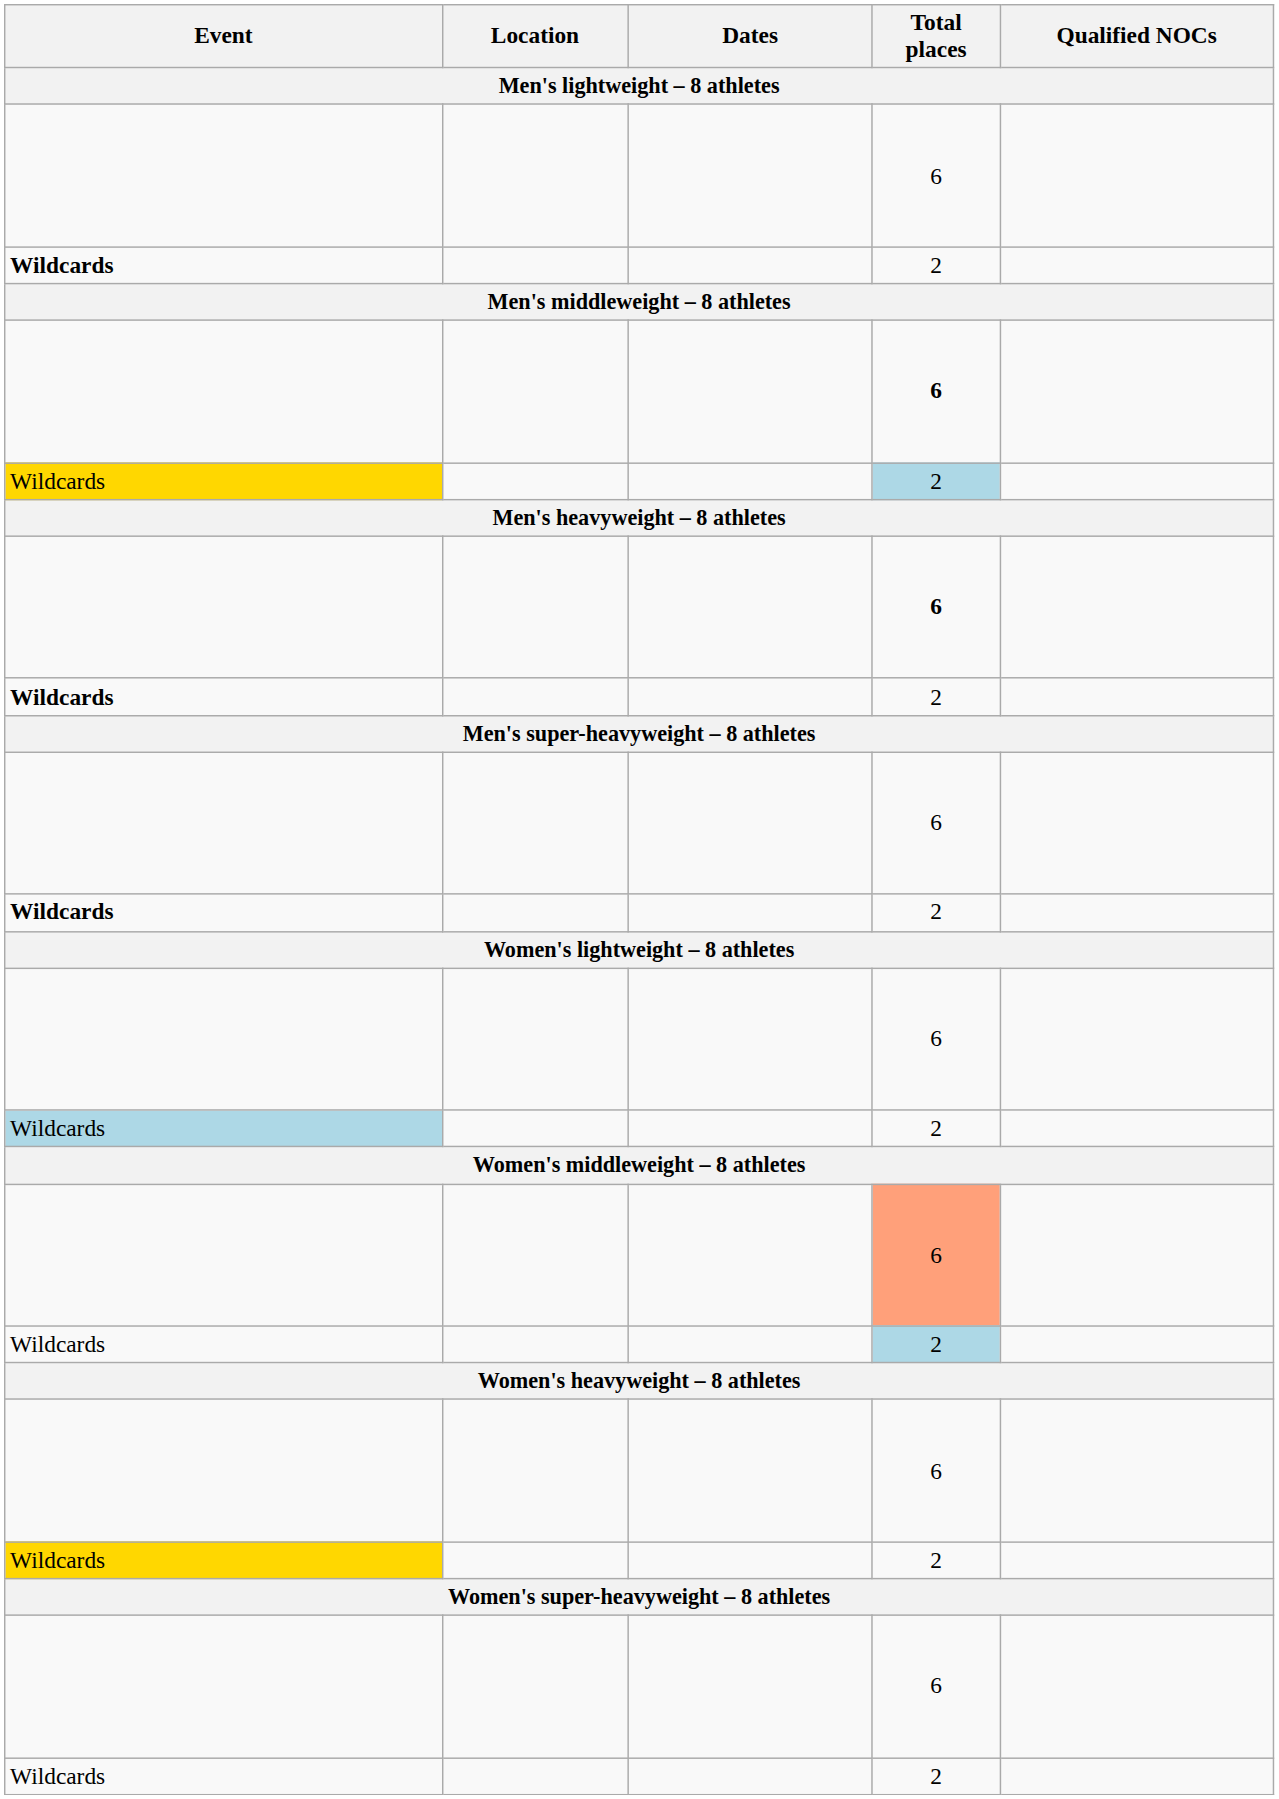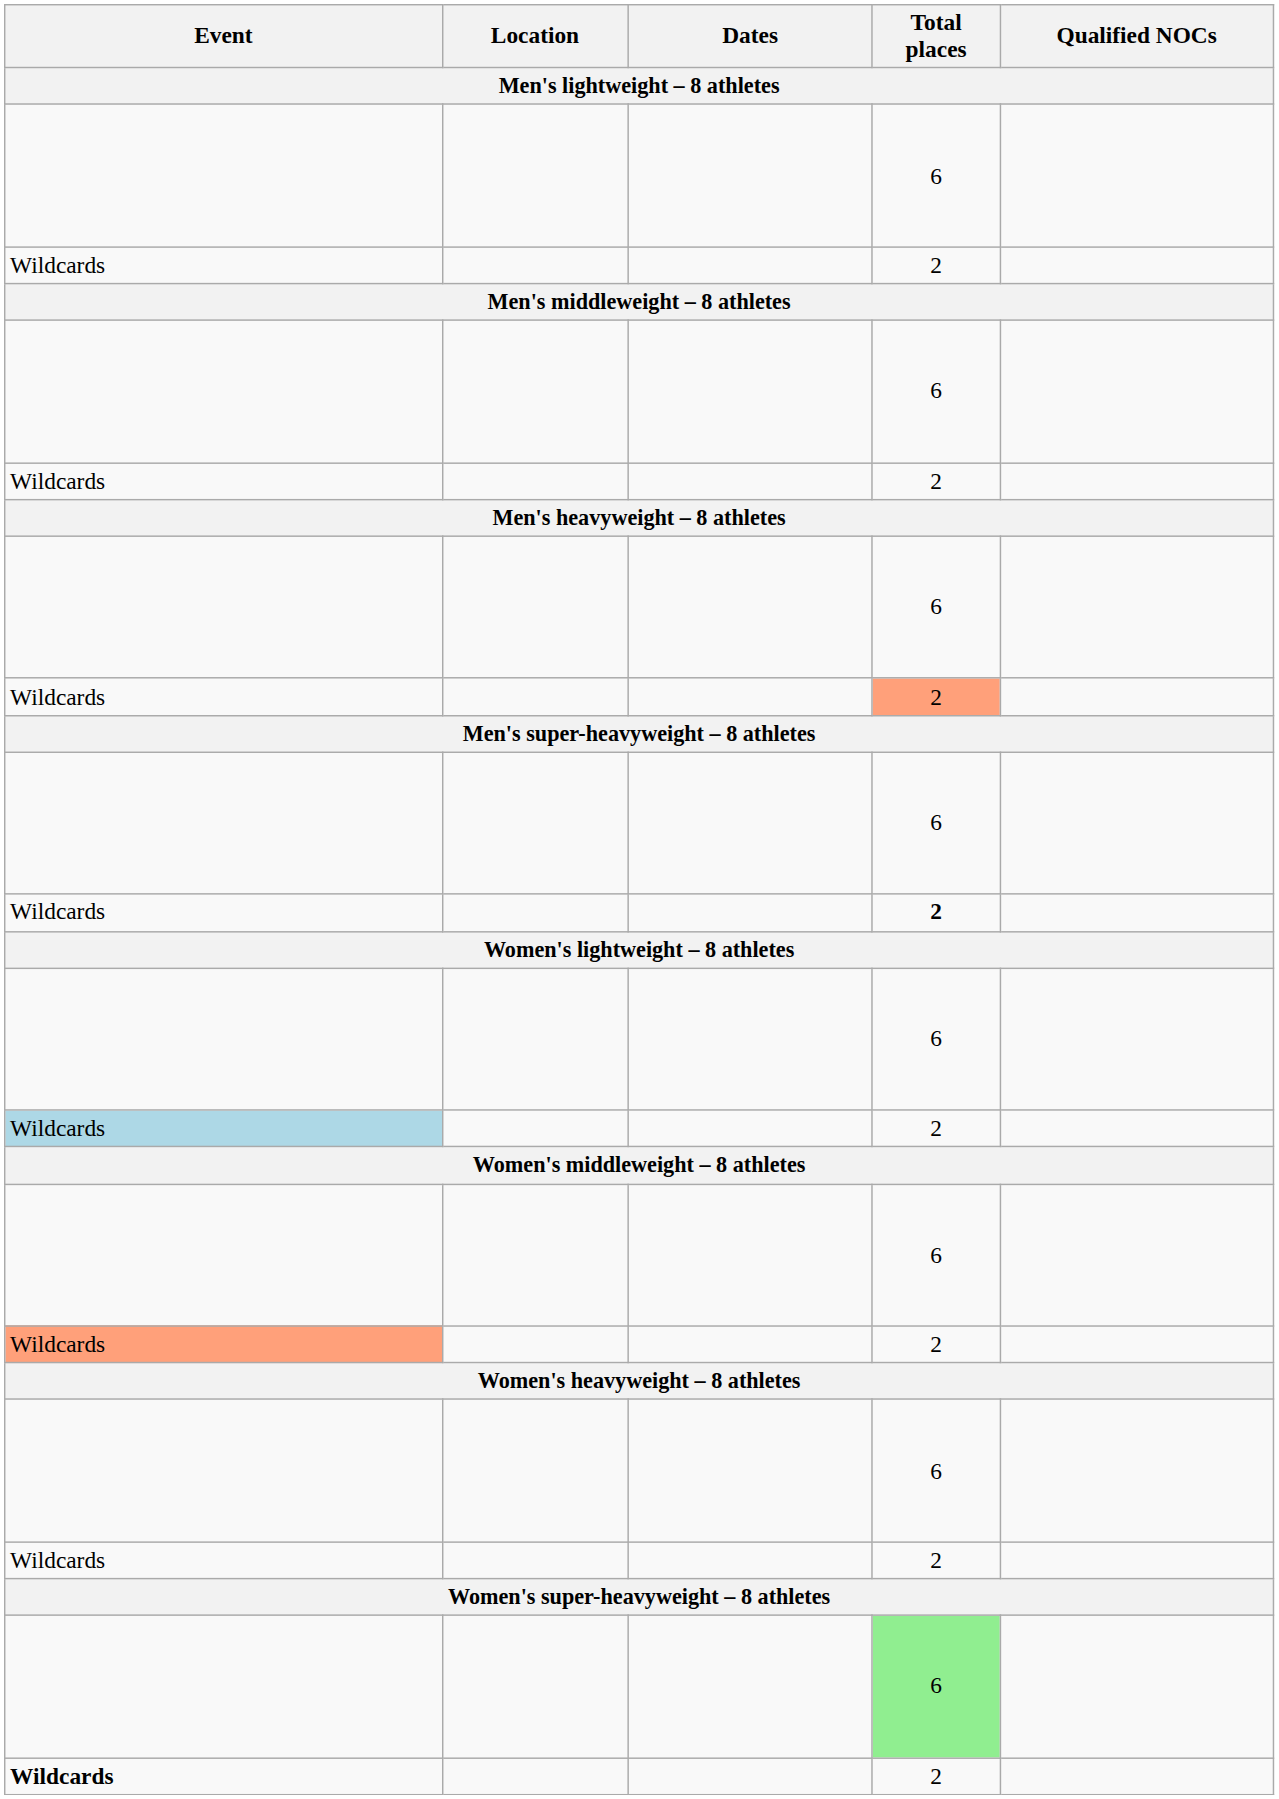 <table class="wikitable" width=870>
 <tr>
 <th>Event</th>
 <th width=120>Location</th>
 <th width=160>Dates</th>
 <th width=80>Total places</th>
 <th width=180>Qualified NOCs</th>
 </tr>
 <tr style="font-size:95%;">
 <th colspan=5>Men's lightweight – 8 athletes</th>
 </tr>
 <tr>
 <td></td>
 <td></td>
 <td align="center"></td>
 <td align="center">6</td>
 <td><br><br><br><br><br></td>
 </tr>
 <tr>
-<td><strong>Wildcards</strong></td>
+<td>Wildcards</td>
 <td></td>
 <td></td>
 <td align="center">2</td>
 <td><br></td>
 </tr>
 <tr style="font-size:95%;">
 <th colspan=5>Men's middleweight – 8 athletes</th>
 </tr>
 <tr>
 <td></td>
 <td></td>
 <td align="center"></td>
-<td align="center"><strong>6</strong></td>
+<td align="center">6</td>
 <td><br><br><br><br><br></td>
 </tr>
 <tr>
-<td style="background: gold;">Wildcards</td>
+<td>Wildcards</td>
 <td></td>
 <td></td>
-<td align="center" style="background: lightblue;">2</td>
+<td align="center">2</td>
 <td><br></td>
 </tr>
 <tr style="font-size:95%;">
 <th colspan=5>Men's heavyweight – 8 athletes</th>
 </tr>
 <tr>
 <td></td>
 <td></td>
 <td align="center"></td>
-<td align="center"><strong>6</strong></td>
+<td align="center">6</td>
 <td><br><br><br><br><br></td>
 </tr>
 <tr>
-<td><strong>Wildcards</strong></td>
+<td>Wildcards</td>
 <td></td>
 <td></td>
-<td align="center">2</td>
+<td align="center" style="background: lightsalmon;">2</td>
 <td><br></td>
 </tr>
 <tr style="font-size:95%;">
 <th colspan=5>Men's super-heavyweight – 8 athletes</th>
 </tr>
 <tr>
 <td></td>
 <td></td>
 <td align="center"></td>
 <td align="center">6</td>
 <td><br><br><br><br><br></td>
 </tr>
 <tr>
-<td><strong>Wildcards</strong></td>
+<td>Wildcards</td>
 <td></td>
 <td></td>
-<td align="center">2</td>
+<td align="center"><strong>2</strong></td>
 <td><br></td>
 </tr>
 <tr style="font-size:95%;">
 <th colspan=5>Women's lightweight – 8 athletes</th>
 </tr>
 <tr>
 <td></td>
 <td></td>
 <td align="center"></td>
 <td align="center">6</td>
 <td><br><br><br><br><br></td>
 </tr>
 <tr>
 <td style="background: lightblue;">Wildcards</td>
 <td></td>
 <td></td>
 <td align="center">2</td>
 <td><br></td>
 </tr>
 <tr style="font-size:95%;">
 <th colspan=5>Women's middleweight – 8 athletes</th>
 </tr>
 <tr>
 <td></td>
 <td></td>
 <td align="center"></td>
-<td align="center" style="background: lightsalmon;">6</td>
-<td><br><br><br><br><br></td>
-</tr>
-<tr>
-<td>Wildcards</td>
-<td></td>
-<td></td>
-<td align="center" style="background: lightblue;">2</td>
-<td><br></td>
-</tr>
-<tr style="font-size:95%;">
-<th colspan=5>Women's heavyweight – 8 athletes</th>
-</tr>
-<tr>
-<td></td>
-<td></td>
-<td align="center"></td>
 <td align="center">6</td>
 <td><br><br><br><br><br></td>
 </tr>
 <tr>
-<td style="background: gold;">Wildcards</td>
+<td style="background: lightsalmon;">Wildcards</td>
 <td></td>
 <td></td>
 <td align="center">2</td>
 <td><br></td>
 </tr>
 <tr style="font-size:95%;">
-<th colspan=5>Women's super-heavyweight – 8 athletes</th>
+<th colspan=5>Women's heavyweight – 8 athletes</th>
 </tr>
 <tr>
 <td></td>
 <td></td>
 <td align="center"></td>
 <td align="center">6</td>
 <td><br><br><br><br><br></td>
 </tr>
 <tr>
 <td>Wildcards</td>
 <td></td>
 <td></td>
 <td align="center">2</td>
 <td><br></td>
 </tr>
+<tr style="font-size:95%;">
+<th colspan=5>Women's super-heavyweight – 8 athletes</th>
+</tr>
+<tr>
+<td></td>
+<td></td>
+<td align="center"></td>
+<td align="center" style="background: lightgreen;">6</td>
+<td><br><br><br><br><br></td>
+</tr>
+<tr>
+<td><strong>Wildcards</strong></td>
+<td></td>
+<td></td>
+<td align="center">2</td>
+<td><br></td>
+</tr>
 </table>
